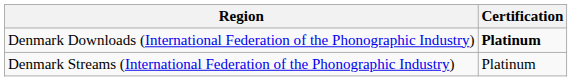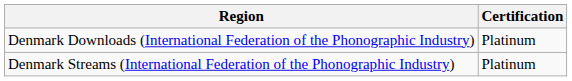 <table class="wikitable sortable">
 <tr>
 <th>Region</th>
 <th>Certification</th>
 </tr>
 <tr>
 <td>Denmark Downloads (<a href='#'>International Federation of the Phonographic Industry</a>)</td>
-<td><strong>Platinum</strong></td>
+<td>Platinum</td>
 </tr>
 <tr>
 <td>Denmark Streams (<a href='#'>International Federation of the Phonographic Industry</a>)</td>
 <td>Platinum</td>
 </tr>
 </table>
